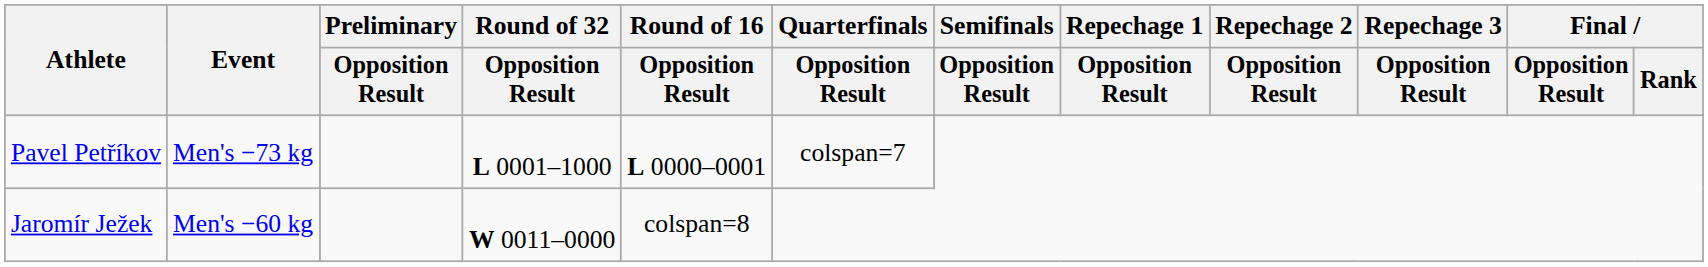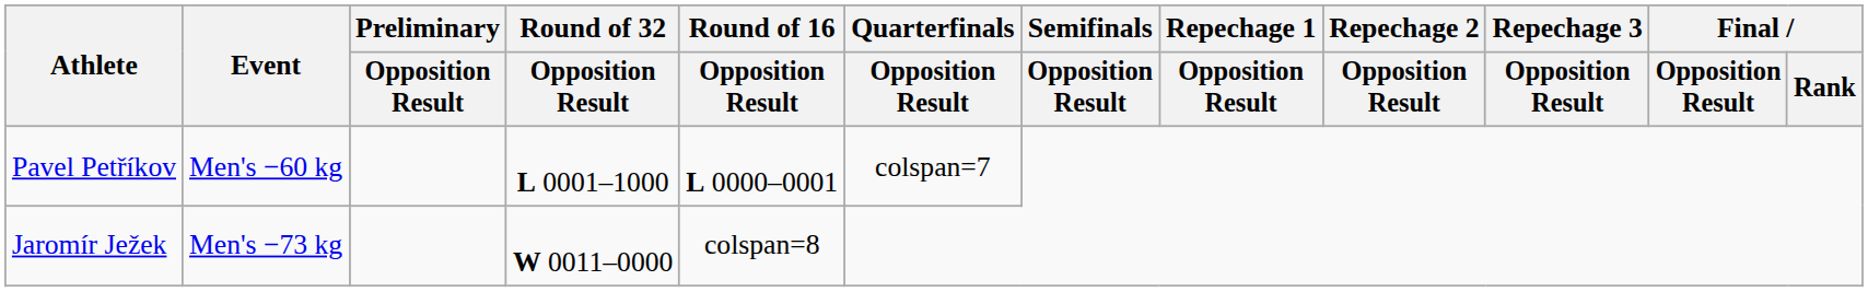 <table class="wikitable" style="font-size:90%">
 <tr>
 <th rowspan="2">Athlete</th>
 <th rowspan="2">Event</th>
 <th>Preliminary</th>
 <th>Round of 32</th>
 <th>Round of 16</th>
 <th>Quarterfinals</th>
 <th>Semifinals</th>
 <th>Repechage 1</th>
 <th>Repechage 2</th>
 <th>Repechage 3</th>
 <th colspan=2>Final / </th>
 </tr>
 <tr style="font-size:95%">
 <th>Opposition<br>Result</th>
 <th>Opposition<br>Result</th>
 <th>Opposition<br>Result</th>
 <th>Opposition<br>Result</th>
 <th>Opposition<br>Result</th>
 <th>Opposition<br>Result</th>
 <th>Opposition<br>Result</th>
 <th>Opposition<br>Result</th>
 <th>Opposition<br>Result</th>
 <th>Rank</th>
 </tr>
 <tr align=center>
 <td align=left><a href='#'>Pavel Petříkov</a></td>
-<td align=left><a href='#'>Men's −73 kg</a></td>
+<td align=left><a href='#'>Men's −60 kg</a></td>
 <td></td>
 <td><br><strong>L</strong> 0001–1000</td>
 <td><br><strong>L</strong> 0000–0001</td>
 <td>colspan=7 </td>
 </tr>
 <tr align=center>
 <td align=left><a href='#'>Jaromír Ježek</a></td>
-<td align=left><a href='#'>Men's −60 kg</a></td>
+<td align=left><a href='#'>Men's −73 kg</a></td>
 <td></td>
 <td><br><strong>W</strong> 0011–0000</td>
 <td>colspan=8 </td>
 </tr>
 </table>
